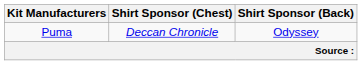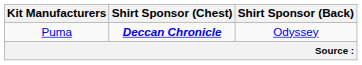 <table class="wikitable" style="text-align: center;">
 <tr>
 <th>Kit Manufacturers</th>
 <th>Shirt Sponsor (Chest)</th>
 <th>Shirt Sponsor (Back)</th>
 </tr>
 <tr>
 <td><a href='#'>Puma</a></td>
-<td><em><a href='#'>Deccan Chronicle</a></em></td>
+<td><strong><em><a href='#'>Deccan Chronicle</a></em></strong></td>
 <td><a href='#'>Odyssey</a></td>
 </tr>
 <tr>
 <th colspan="3" style="text-align:right;"><small>Source :</small></th>
 </tr>
 </table>
